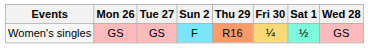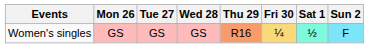 <table class="wikitable" style="margin:0.5em auto; font-size:90%; line-height:1.25em; text-align:center">
 <tr>
 <th>Events</th>
 <th>Mon 26</th>
 <th>Tue 27</th>
-<th>Sun 2</th>
+<th>Wed 28</th>
 <th>Thu 29</th>
 <th>Fri 30</th>
 <th>Sat 1</th>
-<th>Wed 28</th>
+<th>Sun 2</th>
 </tr>
 <tr>
 <td style="text-align:left;">Women's singles</td>
 <td style="background-color:#FFBBBB">GS</td>
 <td style="background-color:#FFBBBB">GS</td>
-<td style="background-color:#7DE5FA">F</td>
+<td style="background-color:#FFBBBB">GS</td>
 <td style="background-color:#FC9B6A">R16</td>
 <td style="background-color:#FAD978">¼</td>
 <td style="background-color:#7DFADB">½</td>
-<td style="background-color:#FFBBBB">GS</td>
+<td style="background-color:#7DE5FA">F</td>
 </tr>
 </table>
